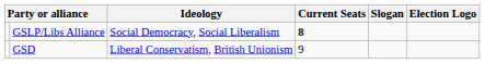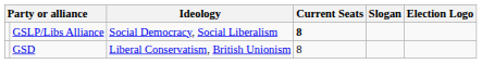 <table class="wikitable" style="text-align:left;">
 <tr>
 <th style="text-align:left;" colspan="2">Party or alliance</th>
 <th>Ideology</th>
 <th>Current Seats</th>
 <th>Slogan</th>
 <th>Election Logo</th>
 </tr>
 <tr>
 <td></td>
 <td><a href='#'>GSLP/Libs Alliance</a></td>
 <td><a href='#'>Social Democracy</a>, <a href='#'>Social Liberalism</a></td>
 <td><strong>8</strong></td>
 <td></td>
 <td></td>
 </tr>
 <tr>
 <td></td>
 <td><a href='#'>GSD</a></td>
 <td><a href='#'>Liberal Conservatism</a>, <a href='#'>British Unionism</a></td>
-<td>9</td>
+<td>8</td>
 <td></td>
 <td></td>
 </tr>
 </table>
